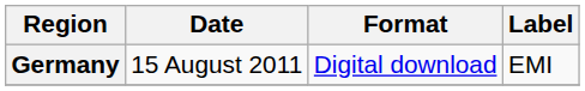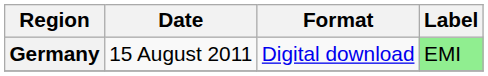 <table class="wikitable plainrowheaders">
 <tr>
 <th scope="col">Region</th>
 <th scope="col">Date</th>
 <th scope="col">Format</th>
 <th scope="col">Label</th>
 </tr>
 <tr>
 <th scope="row">Germany</th>
 <td>15 August 2011</td>
 <td><a href='#'>Digital download</a></td>
-<td>EMI</td>
+<td style="background: lightgreen;">EMI</td>
 </tr>
 <tr>
 </tr>
 </table>
